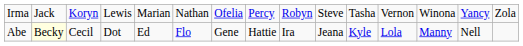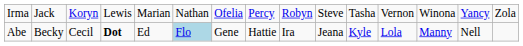 <table class="wikitable">
 <tr>
 <td>Irma</td>
 <td>Jack</td>
 <td><a href='#'>Koryn</a></td>
 <td>Lewis</td>
 <td>Marian</td>
 <td>Nathan</td>
 <td><a href='#'>Ofelia</a></td>
 <td><a href='#'>Percy</a></td>
 <td><a href='#'>Robyn</a></td>
 <td>Steve</td>
 <td>Tasha</td>
 <td>Vernon</td>
 <td>Winona</td>
 <td><a href='#'>Yancy</a></td>
 <td>Zola</td>
 </tr>
 <tr>
 <td>Abe</td>
-<td style="background: lightyellow;">Becky</td>
+<td>Becky</td>
 <td>Cecil</td>
-<td>Dot</td>
+<td><strong>Dot</strong></td>
 <td>Ed</td>
-<td><a href='#'>Flo</a></td>
+<td style="background: lightblue;"><a href='#'>Flo</a></td>
 <td>Gene</td>
 <td>Hattie</td>
 <td>Ira</td>
 <td>Jeana</td>
 <td><a href='#'>Kyle</a></td>
 <td><a href='#'>Lola</a></td>
 <td><a href='#'>Manny</a></td>
 <td>Nell</td>
 </tr>
 </table>
